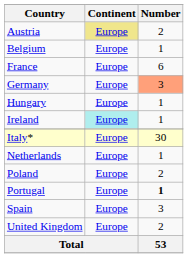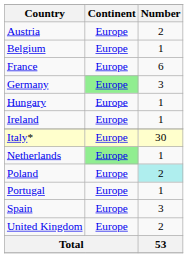 <table class="wikitable sortable" style="text-align:center">
 <tr>
 </tr>
 <tr>
 <th scope="col">Country</th>
 <th scope="col">Continent</th>
 <th scope="col">Number</th>
 </tr>
 <tr>
 <td scope="row" style="text-align:left"><a href='#'>Austria</a></td>
-<td style="background: khaki;"><a href='#'>Europe</a></td>
+<td><a href='#'>Europe</a></td>
 <td>2</td>
 </tr>
 <tr>
 <td scope="row" style="text-align:left"><a href='#'>Belgium</a></td>
 <td><a href='#'>Europe</a></td>
 <td>1</td>
 </tr>
 <tr>
 <td scope="row" style="text-align:left"><a href='#'>France</a></td>
 <td><a href='#'>Europe</a></td>
 <td>6</td>
 </tr>
 <tr>
 <td scope="row" style="text-align:left"><a href='#'>Germany</a></td>
-<td><a href='#'>Europe</a></td>
-<td style="background: lightsalmon;">3</td>
+<td style="background: lightgreen;"><a href='#'>Europe</a></td>
+<td>3</td>
 </tr>
 <tr>
 <td scope="row" style="text-align:left"><a href='#'>Hungary</a></td>
 <td><a href='#'>Europe</a></td>
 <td>1</td>
 </tr>
 <tr>
 <td scope="row" style="text-align:left"><a href='#'>Ireland</a></td>
-<td style="background: paleturquoise;"><a href='#'>Europe</a></td>
+<td><a href='#'>Europe</a></td>
 <td>1</td>
 </tr>
 <tr>
 </tr>
 <tr style="background:#ffc">
 <td scope="row" style="text-align:left"><a href='#'>Italy</a>*</td>
 <td><a href='#'>Europe</a></td>
 <td>30</td>
 </tr>
 <tr>
 <td scope="row" style="text-align:left"><a href='#'>Netherlands</a></td>
-<td><a href='#'>Europe</a></td>
+<td style="background: lightgreen;"><a href='#'>Europe</a></td>
 <td>1</td>
 </tr>
 <tr>
 <td scope="row" style="text-align:left"><a href='#'>Poland</a></td>
 <td><a href='#'>Europe</a></td>
-<td>2</td>
+<td style="background: paleturquoise;">2</td>
 </tr>
 <tr>
 <td scope="row" style="text-align:left"><a href='#'>Portugal</a></td>
 <td><a href='#'>Europe</a></td>
-<td><strong>1</strong></td>
+<td>1</td>
 </tr>
 <tr>
 <td scope="row" style="text-align:left"><a href='#'>Spain</a></td>
 <td><a href='#'>Europe</a></td>
 <td>3</td>
 </tr>
 <tr>
 <td scope="row" style="text-align:left"><a href='#'>United Kingdom</a></td>
 <td><a href='#'>Europe</a></td>
 <td>2</td>
 </tr>
 <tr>
 <th scope="row" colspan="2">Total</th>
 <th>53</th>
 </tr>
 <tr>
 </tr>
 </table>
